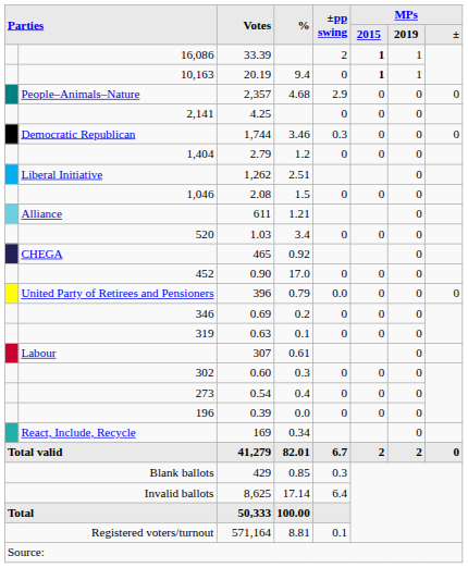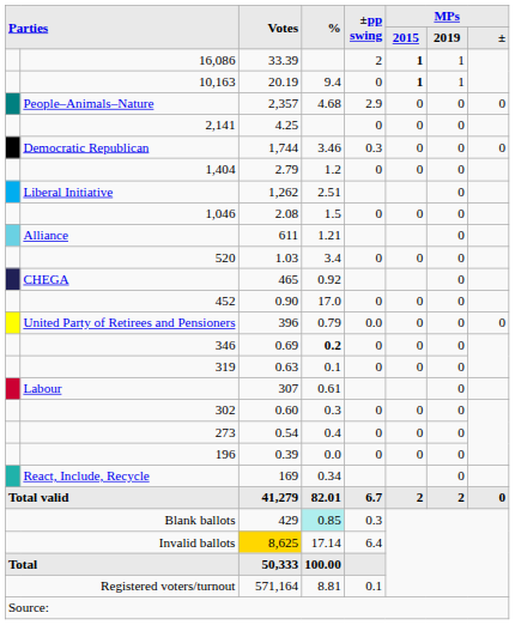 <table class="wikitable" style="text-align:right; font-size:95%;">
 <tr>
 <th rowspan="2" colspan="2" style="background:#e9e9e9; text-align:left;" alignleft><a href='#'>Parties</a></th>
 <th rowspan="2" style="background:#e9e9e9; text-align:right;">Votes</th>
 <th rowspan="2" style="background:#e9e9e9; text-align:right;">%</th>
 <th rowspan="2" style="background:#e9e9e9; text-align:right;">±<a href='#'>pp</a> <a href='#'>swing</a></th>
 <th colspan="3" style="background:#e9e9e9; text-align:center;"><a href='#'>MPs</a></th>
 </tr>
 <tr style="background-color:#E9E9E9">
 <th style="background-color:#E9E9E9;text-align:center;"><a href='#'>2015</a></th>
 <th style="background-color:#E9E9E9;text-align:center;">2019</th>
 <th style="background:#e9e9e9; text-align:right;">±</th>
 </tr>
 <tr>
 <td></td>
 <td>16,086</td>
 <td>33.39</td>
 <td></td>
 <td>2</td>
 <td><strong>1</strong></td>
 <td>1</td>
 </tr>
 <tr>
 <td></td>
 <td>10,163</td>
 <td>20.19</td>
 <td>9.4</td>
 <td>0</td>
 <td><strong>1</strong></td>
 <td>1</td>
 </tr>
 <tr>
 <td style="width: 10px" bgcolor="teal" align="center"></td>
 <td align="left"><a href='#'>People–Animals–Nature</a></td>
 <td>2,357</td>
 <td>4.68</td>
 <td>2.9</td>
 <td>0</td>
 <td>0</td>
 <td>0</td>
 </tr>
 <tr>
 <td></td>
 <td>2,141</td>
 <td>4.25</td>
 <td></td>
 <td>0</td>
 <td>0</td>
 <td>0</td>
 </tr>
 <tr>
 <td style="width: 10px" bgcolor=black align="center"></td>
 <td align=left><a href='#'>Democratic Republican</a></td>
 <td>1,744</td>
 <td>3.46</td>
 <td>0.3</td>
 <td>0</td>
 <td>0</td>
 <td>0</td>
 </tr>
 <tr>
 <td></td>
 <td>1,404</td>
 <td>2.79</td>
 <td>1.2</td>
 <td>0</td>
 <td>0</td>
 <td>0</td>
 </tr>
 <tr>
 <td style="width: 10px" bgcolor="#00ADEF" align="center"></td>
 <td align="left"><a href='#'>Liberal Initiative</a></td>
 <td>1,262</td>
 <td>2.51</td>
 <td></td>
 <td></td>
 <td>0</td>
 <td></td>
 </tr>
 <tr>
 <td></td>
 <td>1,046</td>
 <td>2.08</td>
 <td>1.5</td>
 <td>0</td>
 <td>0</td>
 <td>0</td>
 </tr>
 <tr>
 <td style="width: 10px" bgcolor="#6AD1E3" align="center"></td>
 <td align="left"><a href='#'>Alliance</a></td>
 <td>611</td>
 <td>1.21</td>
 <td></td>
 <td></td>
 <td>0</td>
 <td></td>
 </tr>
 <tr>
 <td></td>
 <td>520</td>
 <td>1.03</td>
 <td>3.4</td>
 <td>0</td>
 <td>0</td>
 <td>0</td>
 </tr>
 <tr>
 <td style="width: 10px" bgcolor="#202056" align="center"></td>
 <td align="left"><a href='#'>CHEGA</a></td>
 <td>465</td>
 <td>0.92</td>
 <td></td>
 <td></td>
 <td>0</td>
 <td></td>
 </tr>
 <tr>
 <td></td>
 <td>452</td>
 <td>0.90</td>
 <td>17.0</td>
 <td>0</td>
 <td>0</td>
 <td>0</td>
 </tr>
 <tr>
 <td style="width: 10px" bgcolor=yellow align="center"></td>
 <td align=left><a href='#'>United Party of Retirees and Pensioners</a></td>
 <td>396</td>
 <td>0.79</td>
 <td>0.0</td>
 <td>0</td>
 <td>0</td>
 <td>0</td>
 </tr>
 <tr>
 <td></td>
 <td>346</td>
 <td>0.69</td>
-<td>0.2</td>
+<td><strong>0.2</strong></td>
 <td>0</td>
 <td>0</td>
 <td>0</td>
 </tr>
 <tr>
 <td></td>
 <td>319</td>
 <td>0.63</td>
 <td>0.1</td>
 <td>0</td>
 <td>0</td>
 <td>0</td>
 </tr>
 <tr>
 <td style="width: 10px" bgcolor=#CC0033 align="center"></td>
 <td align=left><a href='#'>Labour</a></td>
 <td>307</td>
 <td>0.61</td>
 <td></td>
 <td></td>
 <td>0</td>
 <td></td>
 </tr>
 <tr>
 <td></td>
 <td>302</td>
 <td>0.60</td>
 <td>0.3</td>
 <td>0</td>
 <td>0</td>
 <td>0</td>
 </tr>
 <tr>
 <td></td>
 <td>273</td>
 <td>0.54</td>
 <td>0.4</td>
 <td>0</td>
 <td>0</td>
 <td>0</td>
 </tr>
 <tr>
 <td></td>
 <td>196</td>
 <td>0.39</td>
 <td>0.0</td>
 <td>0</td>
 <td>0</td>
 <td>0</td>
 </tr>
 <tr>
 <td style="width: 10px" bgcolor=LightSeaGreen align="center"></td>
 <td align=left><a href='#'>React, Include, Recycle</a></td>
 <td>169</td>
 <td>0.34</td>
 <td></td>
 <td></td>
 <td>0</td>
 <td></td>
 </tr>
 <tr>
 <td colspan=2 align=left style="background-color:#E9E9E9"><strong>Total valid</strong></td>
 <td width="65" align="right" style="background-color:#E9E9E9"><strong>41,279</strong></td>
 <td width="40" align="right" style="background-color:#E9E9E9"><strong>82.01</strong></td>
 <td width="40" align="right" style="background-color:#E9E9E9"><strong>6.7</strong></td>
 <td width="40" align="right" style="background-color:#E9E9E9"><strong>2</strong></td>
 <td width="40" align="right" style="background-color:#E9E9E9"><strong>2</strong></td>
 <td width="40" align="right" style="background-color:#E9E9E9"><strong>0</strong></td>
 </tr>
 <tr>
 <td colspan=2>Blank ballots</td>
 <td>429</td>
-<td>0.85</td>
+<td style="background: paleturquoise;">0.85</td>
 <td>0.3</td>
 <td colspan=4 rowspan=4></td>
 </tr>
 <tr>
 <td colspan=2>Invalid ballots</td>
-<td>8,625</td>
+<td style="background: gold;">8,625</td>
 <td>17.14</td>
 <td>6.4</td>
 </tr>
 <tr>
 <td colspan=2 width="259" align=left style="background-color:#E9E9E9"><strong>Total</strong></td>
 <td width="50" align="right" style="background-color:#E9E9E9"><strong>50,333</strong></td>
 <td width="40" align="right" style="background-color:#E9E9E9"><strong>100.00</strong></td>
 <td width="40" align="right" style="background-color:#E9E9E9"></td>
 </tr>
 <tr>
 <td colspan=2>Registered voters/turnout</td>
 <td>571,164</td>
 <td>8.81</td>
 <td>0.1</td>
 </tr>
 <tr>
 <td colspan=11 align=left>Source: </td>
 </tr>
 </table>
